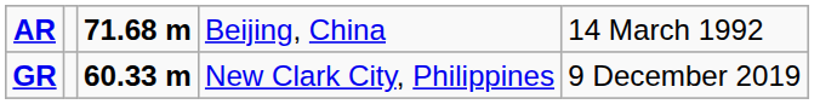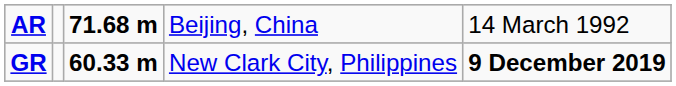 <table class="wikitable" style="font-size:95%; position:relative;">
 <tr>
 <td align=center><strong><a href='#'>AR</a></strong></td>
 <td></td>
 <td><strong>71.68 m</strong></td>
 <td><a href='#'>Beijing</a>, <a href='#'>China</a></td>
 <td>14 March 1992</td>
 </tr>
 <tr>
 <td align=center><strong><a href='#'>GR</a></strong></td>
 <td></td>
 <td><strong>60.33 m</strong></td>
 <td><a href='#'>New Clark City</a>, <a href='#'>Philippines</a></td>
-<td>9 December 2019</td>
+<td><strong>9 December 2019</strong></td>
 </tr>
 </table>
